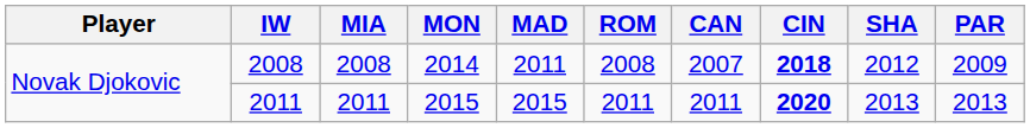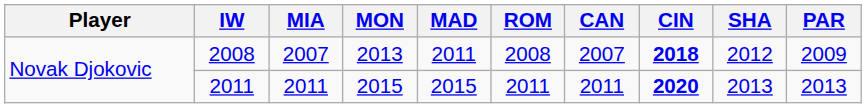 <table class="wikitable nowrap" style="text-align: center;">
 <tr>
 <th width="140">Player</th>
 <th width="50"><a href='#'>IW</a></th>
 <th width="50"><a href='#'>MIA</a></th>
 <th width="50"><a href='#'>MON</a></th>
 <th width="50"><a href='#'>MAD</a></th>
 <th width="50"><a href='#'>ROM</a></th>
 <th width="50"><a href='#'>CAN</a></th>
 <th width="50"><a href='#'>CIN</a></th>
 <th width="50"><a href='#'>SHA</a></th>
 <th width="50"><a href='#'>PAR</a></th>
 </tr>
 <tr>
 <td rowspan="2" style="text-align:left;"> <a href='#'>Novak Djokovic</a></td>
 <td><a href='#'>2008</a></td>
-<td><a href='#'>2008</a></td>
-<td><a href='#'>2014</a></td>
+<td><a href='#'>2007</a></td>
+<td><a href='#'>2013</a></td>
 <td><a href='#'>2011</a></td>
 <td><a href='#'>2008</a></td>
 <td><a href='#'>2007</a></td>
 <td><a href='#'><strong>2018</strong></a></td>
 <td><a href='#'>2012</a></td>
 <td><a href='#'>2009</a></td>
 </tr>
 <tr>
 <td><a href='#'>2011</a></td>
 <td><a href='#'>2011</a></td>
 <td><a href='#'>2015</a></td>
 <td><a href='#'>2015</a></td>
 <td><a href='#'>2011</a></td>
 <td><a href='#'>2011</a></td>
 <td><a href='#'><strong>2020</strong></a></td>
 <td><a href='#'>2013</a></td>
 <td><a href='#'>2013</a></td>
 </tr>
 </table>
